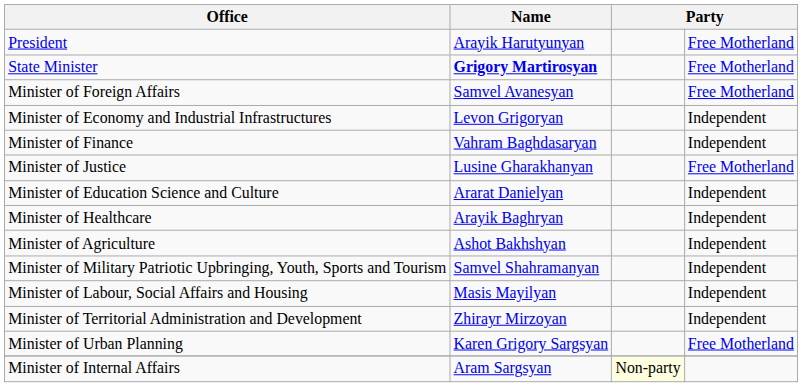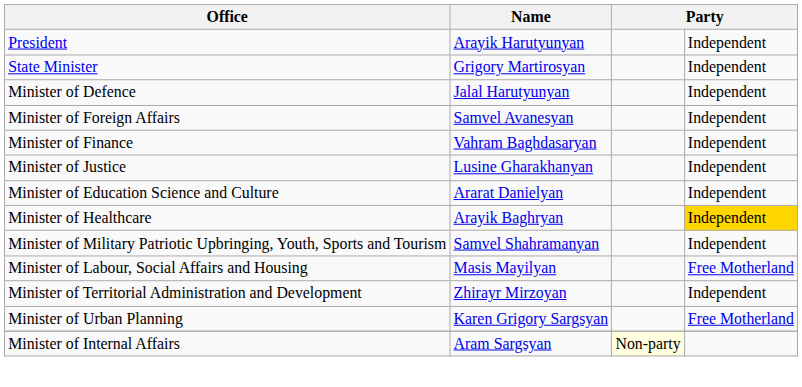 <table class="wikitable">
 <tr>
 <th>Office</th>
 <th>Name</th>
 <th colspan="2">Party</th>
 </tr>
 <tr>
 <td><a href='#'>President</a></td>
 <td><a href='#'>Arayik Harutyunyan</a></td>
 <td style="background-color: "></td>
-<td><a href='#'>Free Motherland</a></td>
+<td>Independent</td>
 </tr>
 <tr>
 <td><a href='#'>State Minister</a></td>
-<td><strong><a href='#'>Grigory Martirosyan</a></strong></td>
+<td><a href='#'>Grigory Martirosyan</a></td>
 <td style="background-color: "></td>
-<td><a href='#'>Free Motherland</a></td>
+<td>Independent</td>
+</tr>
+<tr>
+<td>Minister of Defence</td>
+<td><a href='#'>Jalal Harutyunyan</a></td>
+<td style="background-color: "></td>
+<td>Independent</td>
 </tr>
 <tr>
 <td>Minister of Foreign Affairs</td>
 <td><a href='#'>Samvel Avanesyan</a></td>
-<td style="background-color: "></td>
-<td><a href='#'>Free Motherland</a></td>
-</tr>
-<tr>
-<td>Minister of Economy and Industrial Infrastructures</td>
-<td><a href='#'>Levon Grigoryan</a></td>
 <td style="background-color: "></td>
 <td>Independent</td>
 </tr>
 <tr>
 <td>Minister of Finance</td>
 <td><a href='#'>Vahram Baghdasaryan</a></td>
 <td style="background-color: "></td>
 <td>Independent</td>
 </tr>
 <tr>
 <td>Minister of Justice</td>
 <td><a href='#'>Lusine Gharakhanyan</a></td>
 <td style="background-color:"></td>
-<td><a href='#'>Free Motherland</a></td>
+<td>Independent</td>
 </tr>
 <tr>
 <td>Minister of Education Science and Culture</td>
 <td><a href='#'>Ararat Danielyan</a></td>
 <td style="background-color:"></td>
 <td>Independent</td>
 </tr>
 <tr>
 <td>Minister of Healthcare</td>
 <td><a href='#'>Arayik Baghryan</a></td>
 <td style="background-color:"></td>
-<td>Independent</td>
-</tr>
-<tr>
-<td>Minister of Agriculture</td>
-<td><a href='#'>Ashot Bakhshyan</a></td>
-<td style="background-color: "></td>
-<td>Independent</td>
+<td style="background: gold;">Independent</td>
 </tr>
 <tr>
 <td>Minister of Military Patriotic Upbringing, Youth, Sports and Tourism</td>
 <td><a href='#'>Samvel Shahramanyan</a></td>
 <td style="background-color: "></td>
 <td>Independent</td>
 </tr>
 <tr>
 <td>Minister of Labour, Social Affairs and Housing</td>
 <td><a href='#'>Masis Mayilyan</a></td>
 <td style="background-color: "></td>
-<td>Independent</td>
+<td><a href='#'>Free Motherland</a></td>
 </tr>
 <tr>
 <td>Minister of Territorial Administration and Development</td>
 <td><a href='#'>Zhirayr Mirzoyan</a></td>
 <td style="background-color: "></td>
 <td>Independent</td>
 </tr>
 <tr>
 <td>Minister of Urban Planning</td>
 <td><a href='#'>Karen Grigory Sargsyan</a></td>
 <td style="background-color: "></td>
 <td><a href='#'>Free Motherland</a></td>
 </tr>
 <tr>
 </tr>
 <tr>
 <td>Minister of Internal Affairs</td>
 <td><a href='#'>Aram Sargsyan</a></td>
 <td style="background: lightyellow;">Non-party</td>
 <td></td>
 </tr>
 </table>
